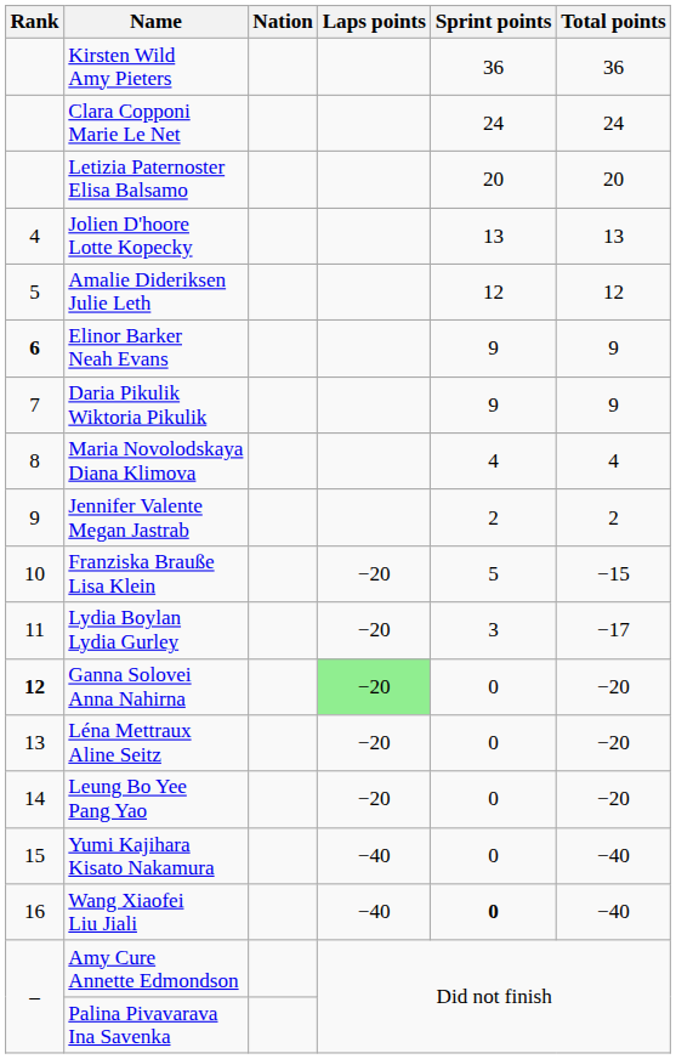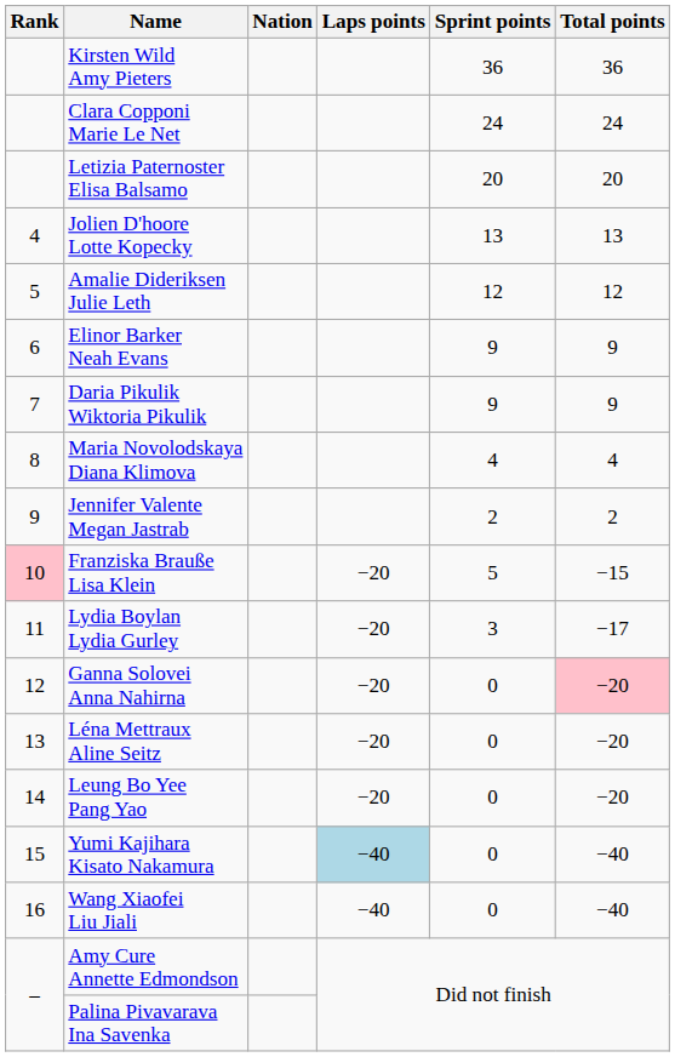 <table class="wikitable sortable" style="text-align:center">
 <tr>
 <th>Rank</th>
 <th>Name</th>
 <th>Nation</th>
 <th>Laps points</th>
 <th>Sprint points</th>
 <th>Total points</th>
 </tr>
 <tr>
 <td></td>
 <td align=left><a href='#'>Kirsten Wild</a><br><a href='#'>Amy Pieters</a></td>
 <td align=left></td>
 <td></td>
 <td>36</td>
 <td>36</td>
 </tr>
 <tr>
 <td></td>
 <td align=left><a href='#'>Clara Copponi</a><br><a href='#'>Marie Le Net</a></td>
 <td align=left></td>
 <td></td>
 <td>24</td>
 <td>24</td>
 </tr>
 <tr>
 <td></td>
 <td align=left><a href='#'>Letizia Paternoster</a><br><a href='#'>Elisa Balsamo</a></td>
 <td align=left></td>
 <td></td>
 <td>20</td>
 <td>20</td>
 </tr>
 <tr>
 <td>4</td>
 <td align=left><a href='#'>Jolien D'hoore</a><br><a href='#'>Lotte Kopecky</a></td>
 <td align=left></td>
 <td></td>
 <td>13</td>
 <td>13</td>
 </tr>
 <tr>
 <td>5</td>
 <td align=left><a href='#'>Amalie Dideriksen</a><br><a href='#'>Julie Leth</a></td>
 <td align=left></td>
 <td></td>
 <td>12</td>
 <td>12</td>
 </tr>
 <tr>
-<td><strong>6</strong></td>
+<td>6</td>
 <td align=left><a href='#'>Elinor Barker</a><br><a href='#'>Neah Evans</a></td>
 <td align=left></td>
 <td></td>
 <td>9</td>
 <td>9</td>
 </tr>
 <tr>
 <td>7</td>
 <td align=left><a href='#'>Daria Pikulik</a><br><a href='#'>Wiktoria Pikulik</a></td>
 <td align=left></td>
 <td></td>
 <td>9</td>
 <td>9</td>
 </tr>
 <tr>
 <td>8</td>
 <td align=left><a href='#'>Maria Novolodskaya</a><br><a href='#'>Diana Klimova</a></td>
 <td align=left></td>
 <td></td>
 <td>4</td>
 <td>4</td>
 </tr>
 <tr>
 <td>9</td>
 <td align=left><a href='#'>Jennifer Valente</a><br><a href='#'>Megan Jastrab</a></td>
 <td align=left></td>
 <td></td>
 <td>2</td>
 <td>2</td>
 </tr>
 <tr>
-<td>10</td>
+<td style="background: pink;">10</td>
 <td align=left><a href='#'>Franziska Brauße</a><br><a href='#'>Lisa Klein</a></td>
 <td align=left></td>
 <td>−20</td>
 <td>5</td>
 <td>−15</td>
 </tr>
 <tr>
 <td>11</td>
 <td align=left><a href='#'>Lydia Boylan</a><br><a href='#'>Lydia Gurley</a></td>
 <td align=left></td>
 <td>−20</td>
 <td>3</td>
 <td>−17</td>
 </tr>
 <tr>
-<td><strong>12</strong></td>
+<td>12</td>
 <td align=left><a href='#'>Ganna Solovei</a><br><a href='#'>Anna Nahirna</a></td>
 <td align=left></td>
-<td style="background: lightgreen;">−20</td>
+<td>−20</td>
 <td>0</td>
-<td>−20</td>
+<td style="background: pink;">−20</td>
 </tr>
 <tr>
 <td>13</td>
 <td align=left><a href='#'>Léna Mettraux</a><br><a href='#'>Aline Seitz</a></td>
 <td align=left></td>
 <td>−20</td>
 <td>0</td>
 <td>−20</td>
 </tr>
 <tr>
 <td>14</td>
 <td align=left><a href='#'>Leung Bo Yee</a><br><a href='#'>Pang Yao</a></td>
 <td align=left></td>
 <td>−20</td>
 <td>0</td>
 <td>−20</td>
 </tr>
 <tr>
 <td>15</td>
 <td align=left><a href='#'>Yumi Kajihara</a><br><a href='#'>Kisato Nakamura</a></td>
 <td align=left></td>
-<td>−40</td>
+<td style="background: lightblue;">−40</td>
 <td>0</td>
 <td>−40</td>
 </tr>
 <tr>
 <td>16</td>
 <td align=left><a href='#'>Wang Xiaofei</a><br><a href='#'>Liu Jiali</a></td>
 <td align=left></td>
 <td>−40</td>
-<td><strong>0</strong></td>
+<td>0</td>
 <td>−40</td>
 </tr>
 <tr>
 <td rowspan=2>–</td>
 <td align=left><a href='#'>Amy Cure</a><br><a href='#'>Annette Edmondson</a></td>
 <td align=left></td>
 <td rowspan=2 colspan=3>Did not finish</td>
 </tr>
 <tr>
 <td align=left><a href='#'>Palina Pivavarava</a><br><a href='#'>Ina Savenka</a></td>
 <td align=left></td>
 </tr>
 </table>
